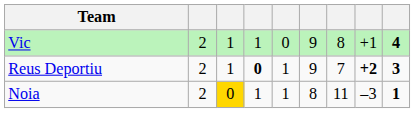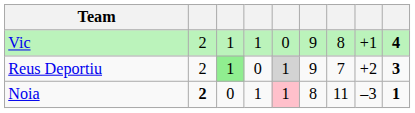 <table class="wikitable" style="text-align:center;">
 <tr>
 <th width="175">Team</th>
 <th width="20"></th>
 <th width="20"></th>
 <th width="20"></th>
 <th width="20"></th>
 <th width="20"></th>
 <th width="20"></th>
 <th width="20"></th>
 <th width="20"></th>
 </tr>
 <tr bgcolor="#bbf3bb">
 <td align=left> <a href='#'>Vic</a></td>
 <td>2</td>
 <td>1</td>
 <td>1</td>
 <td>0</td>
 <td>9</td>
 <td>8</td>
 <td>+1</td>
 <td><strong>4</strong></td>
 </tr>
 <tr>
 <td align=left> <a href='#'>Reus Deportiu</a></td>
 <td>2</td>
-<td>1</td>
-<td><strong>0</strong></td>
-<td>1</td>
+<td style="background: lightgreen;">1</td>
+<td>0</td>
+<td style="background: lightgrey;">1</td>
 <td>9</td>
 <td>7</td>
-<td><strong>+2</strong></td>
+<td>+2</td>
 <td><strong>3</strong></td>
 </tr>
 <tr>
 <td align=left> <a href='#'>Noia</a></td>
-<td>2</td>
-<td style="background: gold;">0</td>
+<td><strong>2</strong></td>
+<td>0</td>
 <td>1</td>
-<td>1</td>
+<td style="background: pink;">1</td>
 <td>8</td>
 <td>11</td>
 <td>–3</td>
 <td><strong>1</strong></td>
 </tr>
 </table>
